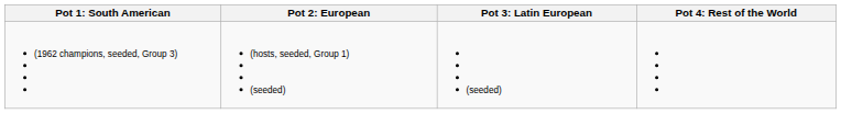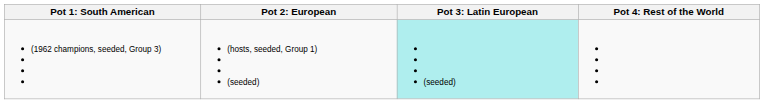 <table class="wikitable" style="width:98%">
 <tr>
 <th width=26%>Pot 1: South American</th>
 <th width=26%>Pot 2: European</th>
 <th width=24%>Pot 3: Latin European</th>
 <th width=24%>Pot 4: Rest of the World</th>
 </tr>
 <tr>
 <td valign="top"><br><ul><li> <small>(1962 champions, seeded, Group 3)</small></li><li></li><li></li><li></li></ul></td>
 <td valign="top"><br><ul><li> <small>(hosts, seeded, Group 1)</small></li><li></li><li></li><li> <small>(seeded)</small></li></ul></td>
-<td valign="top"><br><ul><li></li><li></li><li></li><li> <small>(seeded)</small></li></ul></td>
+<td valign="top" style="background: paleturquoise;"><br><ul><li></li><li></li><li></li><li> <small>(seeded)</small></li></ul></td>
 <td valign="top"><br><ul><li></li><li></li><li></li><li></li></ul></td>
 </tr>
 </table>
